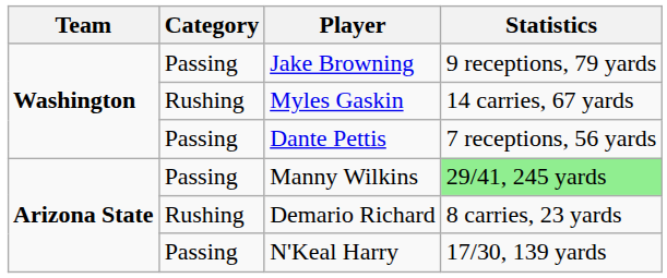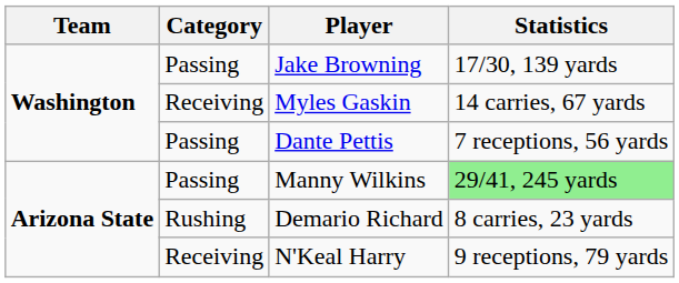 <table class="wikitable" style="float: right;">
 <tr>
 <th>Team</th>
 <th>Category</th>
 <th>Player</th>
 <th>Statistics</th>
 </tr>
 <tr>
 <td rowspan=3><strong>Washington</strong></td>
 <td>Passing</td>
 <td><a href='#'>Jake Browning</a></td>
-<td>9 receptions, 79 yards</td>
+<td>17/30, 139 yards</td>
 </tr>
 <tr>
-<td>Rushing</td>
+<td>Receiving</td>
 <td><a href='#'>Myles Gaskin</a></td>
 <td>14 carries, 67 yards</td>
 </tr>
 <tr>
 <td>Passing</td>
 <td><a href='#'>Dante Pettis</a></td>
 <td>7 receptions, 56 yards</td>
 </tr>
 <tr>
 <td rowspan=3><strong>Arizona State</strong></td>
 <td>Passing</td>
 <td>Manny Wilkins</td>
 <td style="background: lightgreen;">29/41, 245 yards</td>
 </tr>
 <tr>
 <td>Rushing</td>
 <td>Demario Richard</td>
 <td>8 carries, 23 yards</td>
 </tr>
 <tr>
-<td>Passing</td>
+<td>Receiving</td>
 <td>N'Keal Harry</td>
-<td>17/30, 139 yards</td>
+<td>9 receptions, 79 yards</td>
 </tr>
 </table>
